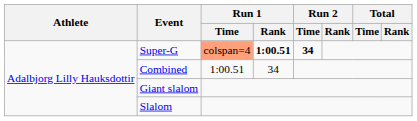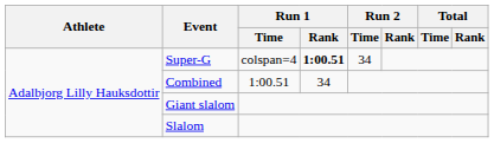 <table class="wikitable" style="font-size:90%">
 <tr>
 <th rowspan=2>Athlete</th>
 <th rowspan=2>Event</th>
 <th colspan=2>Run 1</th>
 <th colspan=2>Run 2</th>
 <th colspan=2>Total</th>
 </tr>
 <tr style="font-size:95%">
 <th>Time</th>
 <th>Rank</th>
 <th>Time</th>
 <th>Rank</th>
 <th>Time</th>
 <th>Rank</th>
 </tr>
 <tr align=center>
 <td align="left" rowspan="4"><a href='#'>Adalbjorg Lilly Hauksdottir</a></td>
 <td align="left"><a href='#'>Super-G</a></td>
-<td style="background: lightsalmon;">colspan=4</td>
+<td>colspan=4</td>
 <td><strong>1:00.51</strong></td>
-<td><strong>34</strong></td>
+<td>34</td>
 </tr>
 <tr align=center>
 <td align="left"><a href='#'>Combined</a></td>
 <td>1:00.51</td>
 <td>34</td>
 <td colspan=4></td>
 </tr>
 <tr align=center>
 <td align="left"><a href='#'>Giant slalom</a></td>
 <td colspan=6></td>
 </tr>
 <tr align=center>
 <td align="left"><a href='#'>Slalom</a></td>
 <td colspan=6></td>
 </tr>
 </table>
